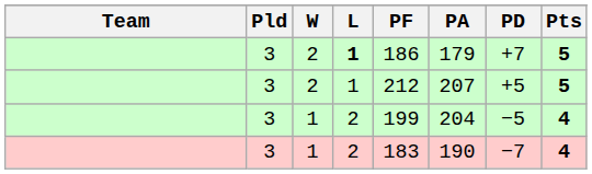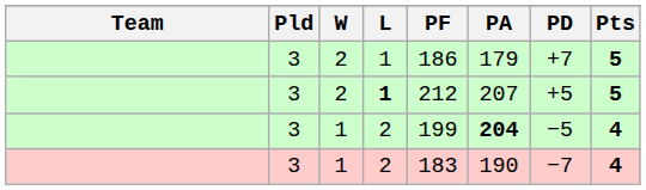 <table class=wikitable>
 <tr align=center>
 </tr>
 <tr>
 <th width=150>Team</th>
 <th width=20>Pld</th>
 <th width=20>W</th>
 <th width=20>L</th>
 <th width=30>PF</th>
 <th width=30>PA</th>
 <th width=30>PD</th>
 <th width=20>Pts</th>
 </tr>
 <tr align=center bgcolor=ccffcc>
 <td align=left></td>
 <td>3</td>
 <td>2</td>
-<td><strong>1</strong></td>
+<td>1</td>
 <td>186</td>
 <td>179</td>
 <td>+7</td>
 <td><strong>5</strong></td>
 </tr>
 <tr align=center bgcolor=ccffcc>
 <td align=left></td>
 <td>3</td>
 <td>2</td>
-<td>1</td>
+<td><strong>1</strong></td>
 <td>212</td>
 <td>207</td>
 <td>+5</td>
 <td><strong>5</strong></td>
 </tr>
 <tr align=center bgcolor=ccffcc>
 <td align=left></td>
 <td>3</td>
 <td>1</td>
 <td>2</td>
 <td>199</td>
-<td>204</td>
+<td><strong>204</strong></td>
 <td>−5</td>
 <td><strong>4</strong></td>
 </tr>
 <tr align=center bgcolor=ffcccc>
 <td align=left></td>
 <td>3</td>
 <td>1</td>
 <td>2</td>
 <td>183</td>
 <td>190</td>
 <td>−7</td>
 <td><strong>4</strong></td>
 </tr>
 </table>
